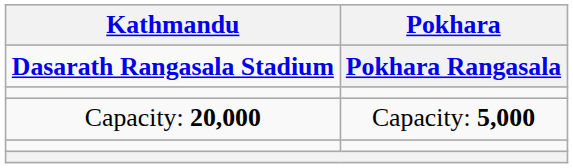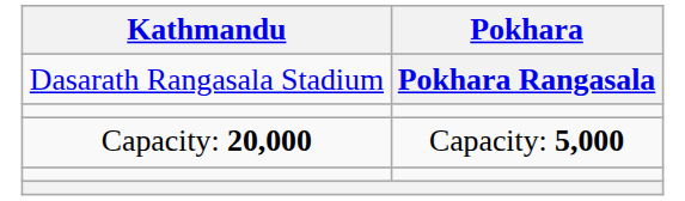 <table class="wikitable" style="margin:1em auto; text-align:center">
 <tr>
 <th><a href='#'>Kathmandu</a></th>
 <th><a href='#'>Pokhara</a></th>
 </tr>
 <tr>
-<td><strong><a href='#'>Dasarath Rangasala Stadium</a></strong></td>
+<td><a href='#'>Dasarath Rangasala Stadium</a></td>
 <th><a href='#'>Pokhara Rangasala</a></th>
 </tr>
 <tr>
 <td><small></small></td>
 <td><small></small></td>
 </tr>
 <tr>
 <td>Capacity: <strong>20,000</strong></td>
 <td>Capacity: <strong>5,000</strong></td>
 </tr>
 <tr>
 <td></td>
 <td></td>
 </tr>
 <tr>
 <th colspan="2" rowspan="1"></th>
 </tr>
 </table>
